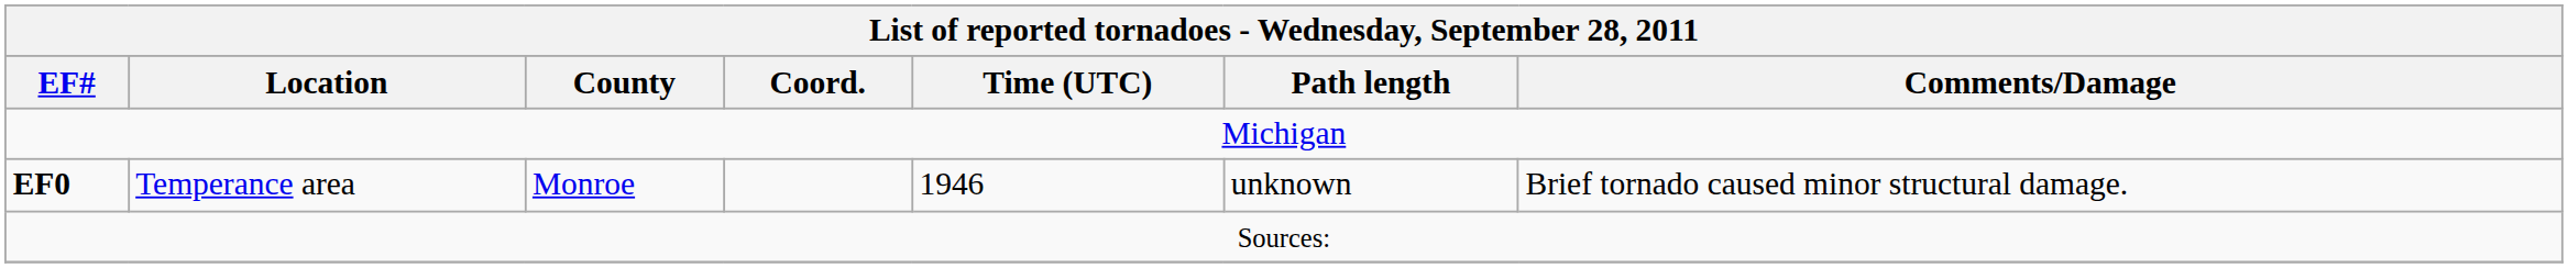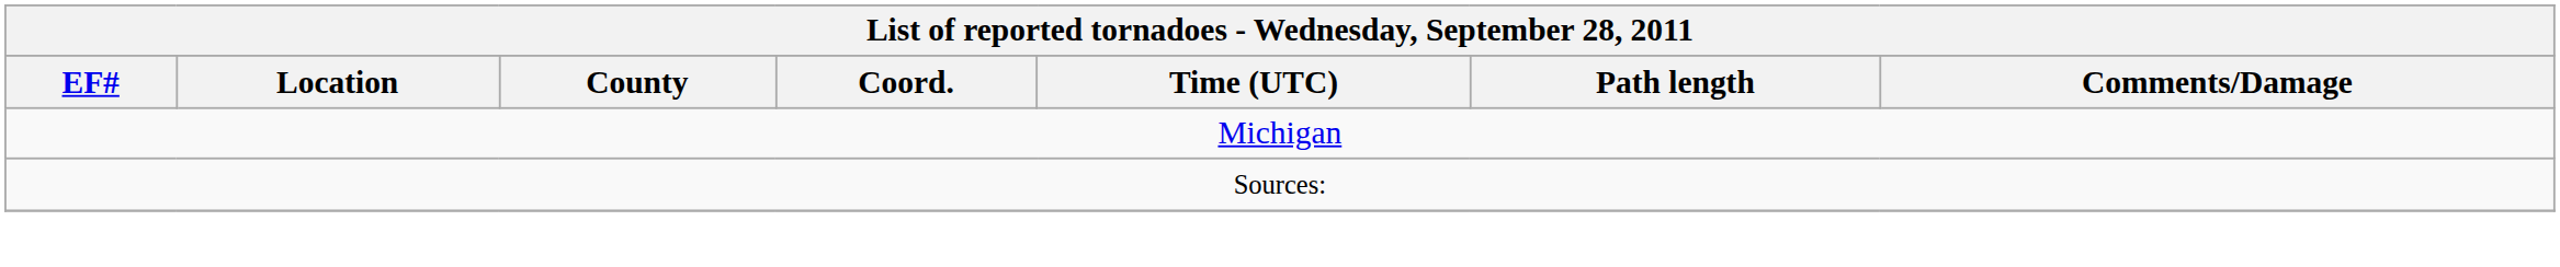 <table class="wikitable collapsible" width="100%">
 <tr>
 <th colspan="7">List of reported tornadoes - Wednesday, September 28, 2011</th>
 </tr>
 <tr>
 <th><a href='#'>EF#</a></th>
 <th>Location</th>
 <th>County</th>
 <th>Coord.</th>
 <th>Time (UTC)</th>
 <th>Path length</th>
 <th>Comments/Damage</th>
 </tr>
 <tr>
 <td colspan="7" align=center><a href='#'>Michigan</a></td>
 </tr>
 <tr>
-<td><strong>EF0</strong></td>
-<td><a href='#'>Temperance</a> area</td>
-<td><a href='#'>Monroe</a></td>
-<td></td>
-<td>1946</td>
-<td>unknown</td>
-<td>Brief tornado caused minor structural damage.</td>
-</tr>
-<tr>
 <td colspan="7" align=center><small>Sources: </small></td>
 </tr>
 <tr>
 </tr>
 </table>
